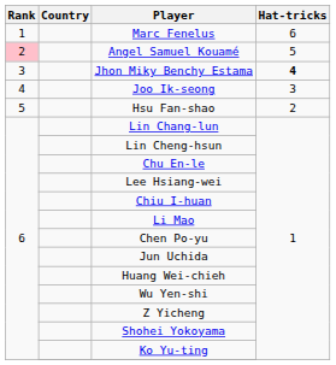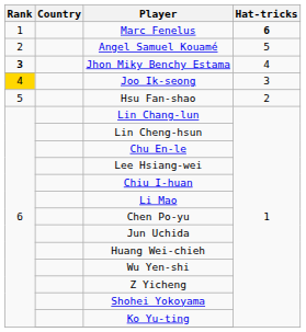 <table class="wikitable" style="text-align:center;">
 <tr>
 <th>Rank</th>
 <th>Country</th>
 <th>Player</th>
 <th>Hat-tricks</th>
 </tr>
 <tr>
 <td>1</td>
 <td></td>
 <td><a href='#'>Marc Fenelus</a></td>
-<td>6</td>
+<td><strong>6</strong></td>
 </tr>
 <tr>
-<td style="background: pink;">2</td>
+<td>2</td>
 <td></td>
 <td><a href='#'>Angel Samuel Kouamé</a></td>
 <td>5</td>
 </tr>
 <tr>
-<td>3</td>
+<td><strong>3</strong></td>
 <td></td>
 <td><a href='#'>Jhon Miky Benchy Estama</a></td>
-<td><strong>4</strong></td>
+<td>4</td>
 </tr>
 <tr>
-<td>4</td>
+<td style="background: gold;">4</td>
 <td></td>
 <td><a href='#'>Joo Ik-seong</a></td>
 <td>3</td>
 </tr>
 <tr>
 <td>5</td>
 <td></td>
 <td>Hsu Fan-shao</td>
 <td>2</td>
 </tr>
 <tr>
 <td rowspan=20>6</td>
 <td></td>
 <td><a href='#'>Lin Chang-lun</a></td>
 <td rowspan=20>1</td>
 </tr>
 <tr>
 <td></td>
 <td>Lin Cheng-hsun</td>
 </tr>
 <tr>
 <td></td>
 <td><a href='#'>Chu En-le</a></td>
 </tr>
 <tr>
 <td></td>
 <td>Lee Hsiang-wei</td>
 </tr>
 <tr>
 <td></td>
 <td><a href='#'>Chiu I-huan</a></td>
 </tr>
 <tr>
 <td></td>
 <td><a href='#'>Li Mao</a></td>
 </tr>
 <tr>
 <td></td>
 <td>Chen Po-yu</td>
 </tr>
 <tr>
 <td></td>
 <td>Jun Uchida</td>
 </tr>
 <tr>
 <td></td>
 <td>Huang Wei-chieh</td>
 </tr>
 <tr>
 <td></td>
 <td>Wu Yen-shi</td>
 </tr>
 <tr>
 <td></td>
 <td>Z Yicheng</td>
 </tr>
 <tr>
 <td></td>
 <td><a href='#'>Shohei Yokoyama</a></td>
 </tr>
 <tr>
 <td></td>
 <td><a href='#'>Ko Yu-ting</a></td>
 </tr>
 <tr>
 </tr>
 </table>
